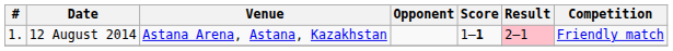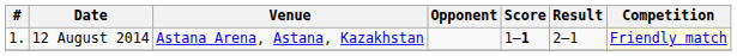 <table class="wikitable" style="font-size:95%;">
 <tr>
 <th>#</th>
 <th>Date</th>
 <th>Venue</th>
 <th>Opponent</th>
 <th>Score</th>
 <th>Result</th>
 <th>Competition</th>
 </tr>
 <tr>
 <td>1.</td>
 <td>12 August 2014</td>
 <td><a href='#'>Astana Arena</a>, <a href='#'>Astana</a>, <a href='#'>Kazakhstan</a></td>
 <td></td>
 <td>1–<strong>1</strong></td>
-<td style="background: pink;">2–1</td>
-<td><a href='#'>Friendly match</a></td>
+<td>2–1</td>
+<td style="background: lightyellow;"><a href='#'>Friendly match</a></td>
 </tr>
 <tr>
 </tr>
 </table>
